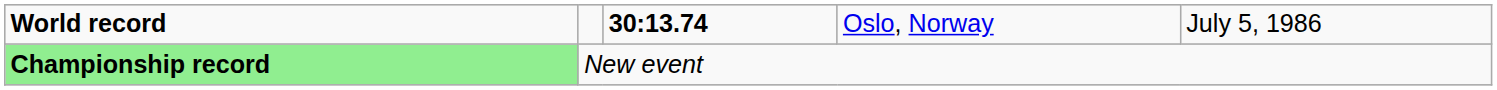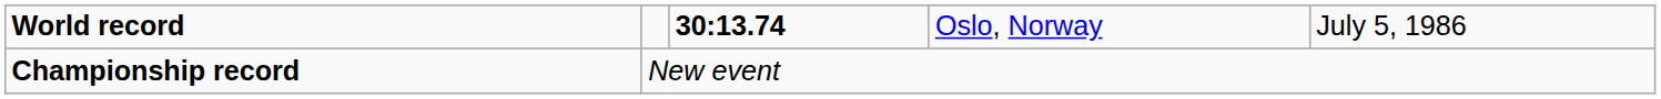 <table class="wikitable" width=75%>
 <tr>
 <td><strong>World record</strong></td>
 <td></td>
 <td><strong>30:13.74</strong></td>
 <td><a href='#'>Oslo</a>, <a href='#'>Norway</a></td>
 <td>July 5, 1986</td>
 </tr>
 <tr>
-<td style="background: lightgreen;"><strong>Championship record</strong></td>
+<td><strong>Championship record</strong></td>
 <td colspan="4"><em>New event</em></td>
 </tr>
 </table>
